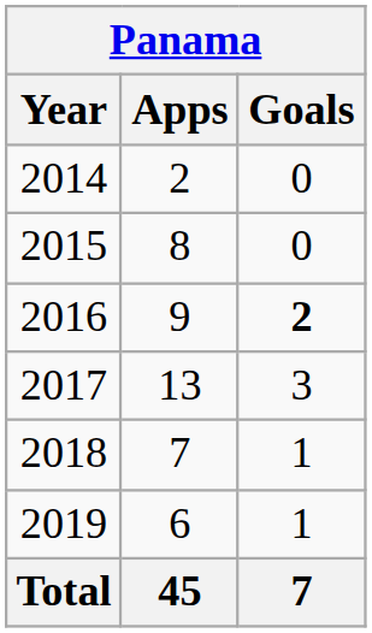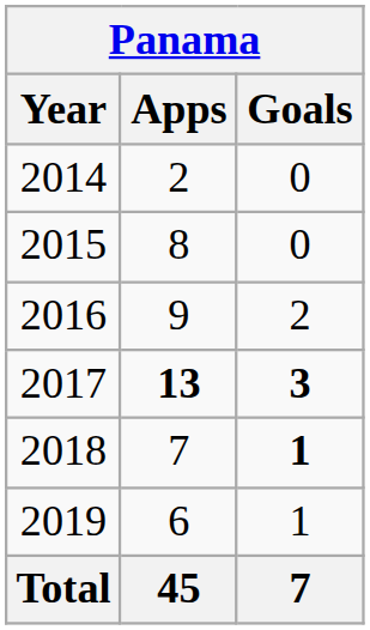 <table class="wikitable" style="text-align:center">
 <tr>
 <th colspan=3><a href='#'>Panama</a></th>
 </tr>
 <tr>
 <th>Year</th>
 <th>Apps</th>
 <th>Goals</th>
 </tr>
 <tr>
 <td>2014</td>
 <td>2</td>
 <td>0</td>
 </tr>
 <tr>
 <td>2015</td>
 <td>8</td>
 <td>0</td>
 </tr>
 <tr>
 <td>2016</td>
 <td>9</td>
-<td><strong>2</strong></td>
+<td>2</td>
 </tr>
 <tr>
 <td>2017</td>
-<td>13</td>
-<td>3</td>
+<td><strong>13</strong></td>
+<td><strong>3</strong></td>
 </tr>
 <tr>
 <td>2018</td>
 <td>7</td>
-<td>1</td>
+<td><strong>1</strong></td>
 </tr>
 <tr>
 <td>2019</td>
 <td>6</td>
 <td>1</td>
 </tr>
 <tr>
 <th>Total</th>
 <th>45</th>
 <th>7</th>
 </tr>
 </table>
